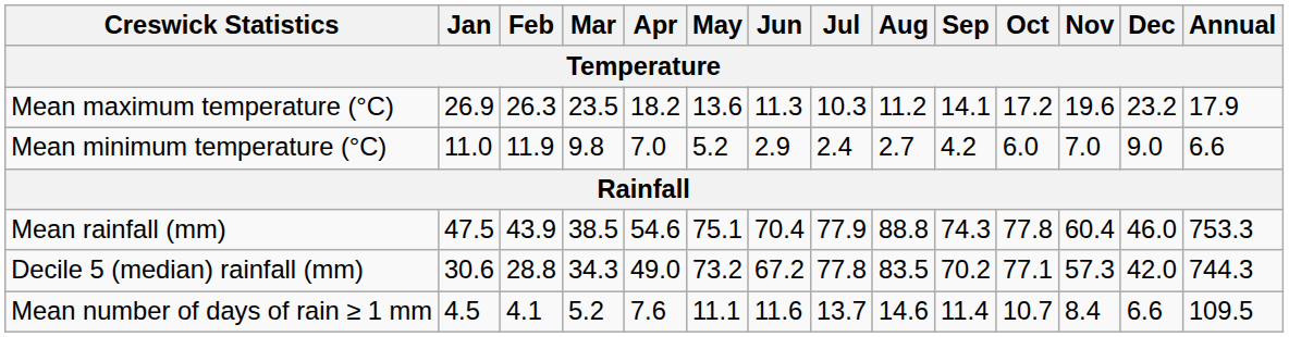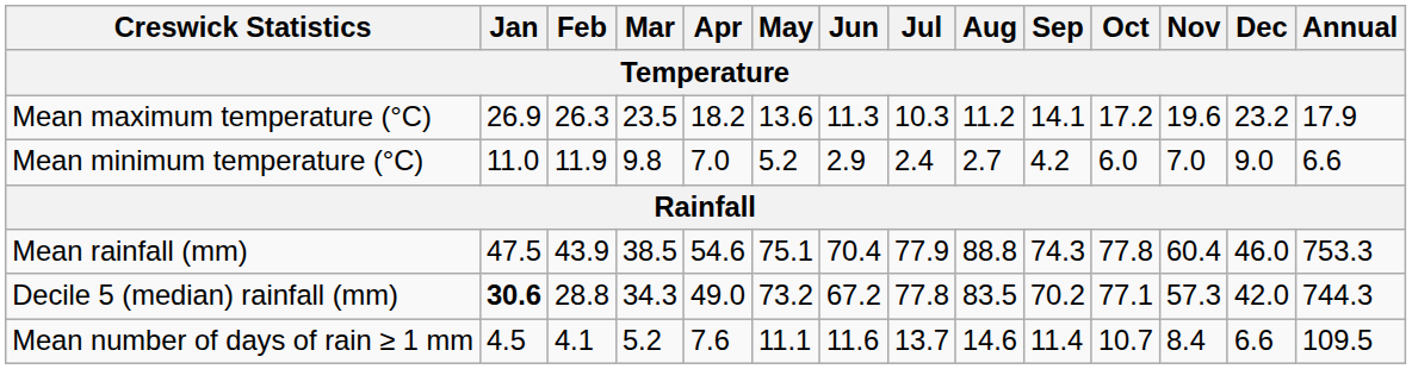 <table class="wikitable">
 <tr>
 <th>Creswick Statistics</th>
 <th><abbr>Jan</abbr></th>
 <th><abbr>Feb</abbr></th>
 <th><abbr>Mar</abbr></th>
 <th><abbr>Apr</abbr></th>
 <th>May</th>
 <th><abbr>Jun</abbr></th>
 <th><abbr>Jul</abbr></th>
 <th><abbr>Aug</abbr></th>
 <th><abbr>Sep</abbr></th>
 <th><abbr>Oct</abbr></th>
 <th><abbr>Nov</abbr></th>
 <th><abbr>Dec</abbr></th>
 <th>Annual</th>
 </tr>
 <tr>
 <th colspan="14">Temperature</th>
 </tr>
 <tr>
 <td>Mean maximum temperature (°C)</td>
 <td>26.9</td>
 <td>26.3</td>
 <td>23.5</td>
 <td>18.2</td>
 <td>13.6</td>
 <td>11.3</td>
 <td>10.3</td>
 <td>11.2</td>
 <td>14.1</td>
 <td>17.2</td>
 <td>19.6</td>
 <td>23.2</td>
 <td>17.9</td>
 </tr>
 <tr>
 <td>Mean minimum temperature (°C)</td>
 <td>11.0</td>
 <td>11.9</td>
 <td>9.8</td>
 <td>7.0</td>
 <td>5.2</td>
 <td>2.9</td>
 <td>2.4</td>
 <td>2.7</td>
 <td>4.2</td>
 <td>6.0</td>
 <td>7.0</td>
 <td>9.0</td>
 <td>6.6</td>
 </tr>
 <tr>
 <th colspan="14">Rainfall</th>
 </tr>
 <tr>
 <td>Mean rainfall (mm)</td>
 <td>47.5</td>
 <td>43.9</td>
 <td>38.5</td>
 <td>54.6</td>
 <td>75.1</td>
 <td>70.4</td>
 <td>77.9</td>
 <td>88.8</td>
 <td>74.3</td>
 <td>77.8</td>
 <td>60.4</td>
 <td>46.0</td>
 <td>753.3</td>
 </tr>
 <tr>
 <td>Decile 5 (median) rainfall (mm)</td>
-<td>30.6</td>
+<td><strong>30.6</strong></td>
 <td>28.8</td>
 <td>34.3</td>
 <td>49.0</td>
 <td>73.2</td>
 <td>67.2</td>
 <td>77.8</td>
 <td>83.5</td>
 <td>70.2</td>
 <td>77.1</td>
 <td>57.3</td>
 <td>42.0</td>
 <td>744.3</td>
 </tr>
 <tr>
 <td>Mean number of days of rain ≥ 1 mm</td>
 <td>4.5</td>
 <td>4.1</td>
 <td>5.2</td>
 <td>7.6</td>
 <td>11.1</td>
 <td>11.6</td>
 <td>13.7</td>
 <td>14.6</td>
 <td>11.4</td>
 <td>10.7</td>
 <td>8.4</td>
 <td>6.6</td>
 <td>109.5</td>
 </tr>
 </table>
